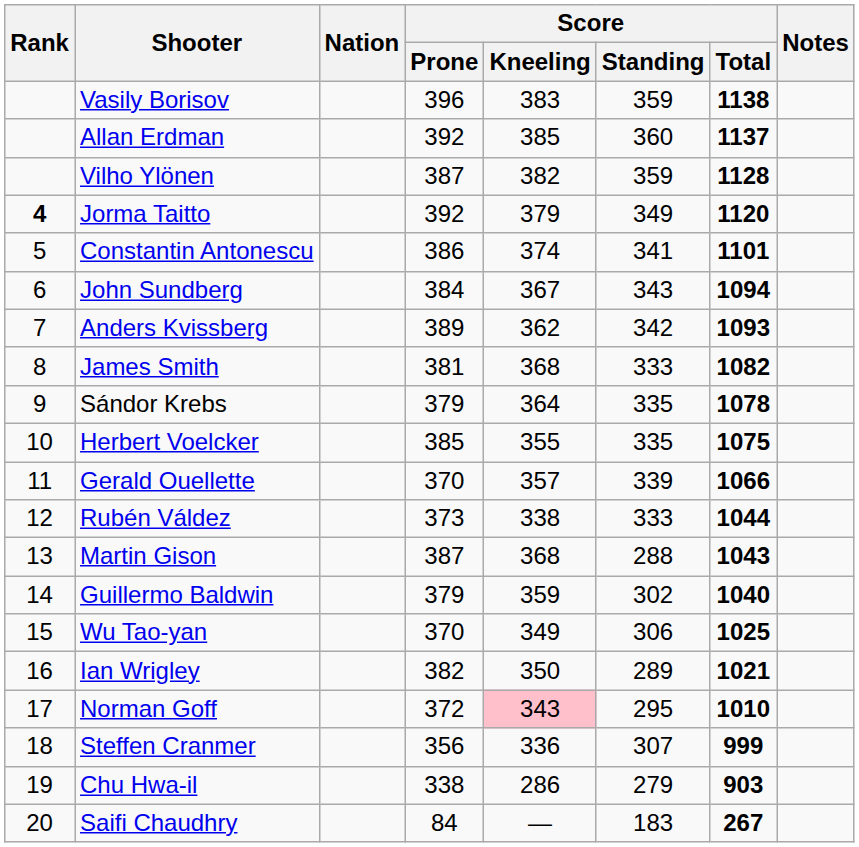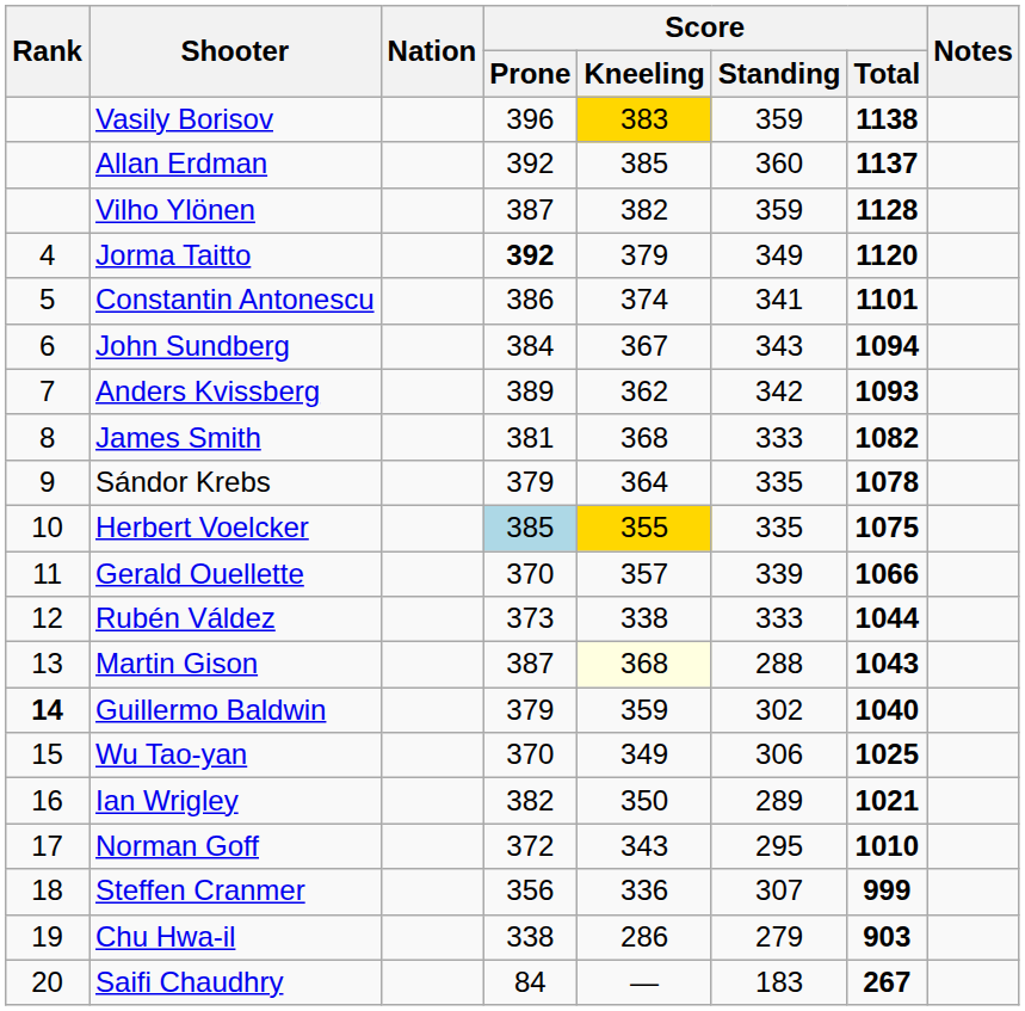 <table class="wikitable sortable" style="text-align:center">
 <tr>
 <th rowspan=2>Rank</th>
 <th rowspan=2>Shooter</th>
 <th rowspan=2>Nation</th>
 <th colspan=4>Score</th>
 <th rowspan=2>Notes</th>
 </tr>
 <tr>
 <th>Prone</th>
 <th>Kneeling</th>
 <th>Standing</th>
 <th>Total</th>
 </tr>
 <tr>
 <td></td>
 <td align=left><a href='#'>Vasily Borisov</a></td>
 <td align=left></td>
 <td>396 <strong></strong></td>
-<td>383</td>
+<td style="background: gold;">383</td>
 <td>359</td>
 <td><strong>1138</strong></td>
 <td></td>
 </tr>
 <tr>
 <td></td>
 <td align=left><a href='#'>Allan Erdman</a></td>
 <td align=left></td>
 <td>392</td>
 <td>385</td>
 <td>360</td>
 <td><strong>1137</strong></td>
 <td></td>
 </tr>
 <tr>
 <td></td>
 <td align=left><a href='#'>Vilho Ylönen</a></td>
 <td align=left></td>
 <td>387</td>
 <td>382</td>
 <td>359</td>
 <td><strong>1128</strong></td>
 <td></td>
 </tr>
 <tr>
-<td><strong>4</strong></td>
+<td>4</td>
 <td align=left><a href='#'>Jorma Taitto</a></td>
 <td align=left></td>
-<td>392</td>
+<td><strong>392</strong></td>
 <td>379</td>
 <td>349</td>
 <td><strong>1120</strong></td>
 <td></td>
 </tr>
 <tr>
 <td>5</td>
 <td align=left><a href='#'>Constantin Antonescu</a></td>
 <td align=left></td>
 <td>386</td>
 <td>374</td>
 <td>341</td>
 <td><strong>1101</strong></td>
 <td></td>
 </tr>
 <tr>
 <td>6</td>
 <td align=left><a href='#'>John Sundberg</a></td>
 <td align=left></td>
 <td>384</td>
 <td>367</td>
 <td>343</td>
 <td><strong>1094</strong></td>
 <td></td>
 </tr>
 <tr>
 <td>7</td>
 <td align=left><a href='#'>Anders Kvissberg</a></td>
 <td align=left></td>
 <td>389</td>
 <td>362</td>
 <td>342</td>
 <td><strong>1093</strong></td>
 <td></td>
 </tr>
 <tr>
 <td>8</td>
 <td align=left><a href='#'>James Smith</a></td>
 <td align=left></td>
 <td>381</td>
 <td>368</td>
 <td>333</td>
 <td><strong>1082</strong></td>
 <td></td>
 </tr>
 <tr>
 <td>9</td>
 <td align=left>Sándor Krebs</td>
 <td align=left></td>
 <td>379</td>
 <td>364</td>
 <td>335</td>
 <td><strong>1078</strong></td>
 <td></td>
 </tr>
 <tr>
 <td>10</td>
 <td align=left><a href='#'>Herbert Voelcker</a></td>
 <td align=left></td>
-<td>385</td>
-<td>355</td>
+<td style="background: lightblue;">385</td>
+<td style="background: gold;">355</td>
 <td>335</td>
 <td><strong>1075</strong></td>
 <td></td>
 </tr>
 <tr>
 <td>11</td>
 <td align=left><a href='#'>Gerald Ouellette</a></td>
 <td align=left></td>
 <td>370</td>
 <td>357</td>
 <td>339</td>
 <td><strong>1066</strong></td>
 <td></td>
 </tr>
 <tr>
 <td>12</td>
 <td align=left><a href='#'>Rubén Váldez</a></td>
 <td align=left></td>
 <td>373</td>
 <td>338</td>
 <td>333</td>
 <td><strong>1044</strong></td>
 <td></td>
 </tr>
 <tr>
 <td>13</td>
 <td align=left><a href='#'>Martin Gison</a></td>
 <td align=left></td>
 <td>387</td>
-<td>368</td>
+<td style="background: lightyellow;">368</td>
 <td>288</td>
 <td><strong>1043</strong></td>
 <td></td>
 </tr>
 <tr>
-<td>14</td>
+<td><strong>14</strong></td>
 <td align=left><a href='#'>Guillermo Baldwin</a></td>
 <td align=left></td>
 <td>379</td>
 <td>359</td>
 <td>302</td>
 <td><strong>1040</strong></td>
 <td></td>
 </tr>
 <tr>
 <td>15</td>
 <td align=left><a href='#'>Wu Tao-yan</a></td>
 <td align=left></td>
 <td>370</td>
 <td>349</td>
 <td>306</td>
 <td><strong>1025</strong></td>
 <td></td>
 </tr>
 <tr>
 <td>16</td>
 <td align=left><a href='#'>Ian Wrigley</a></td>
 <td align=left></td>
 <td>382</td>
 <td>350</td>
 <td>289</td>
 <td><strong>1021</strong></td>
 <td></td>
 </tr>
 <tr>
 <td>17</td>
 <td align=left><a href='#'>Norman Goff</a></td>
 <td align=left></td>
 <td>372</td>
-<td style="background: pink;">343</td>
+<td>343</td>
 <td>295</td>
 <td><strong>1010</strong></td>
 <td></td>
 </tr>
 <tr>
 <td>18</td>
 <td align=left><a href='#'>Steffen Cranmer</a></td>
 <td align=left></td>
 <td>356</td>
 <td>336</td>
 <td>307</td>
 <td><strong>999</strong></td>
 <td></td>
 </tr>
 <tr>
 <td>19</td>
 <td align=left><a href='#'>Chu Hwa-il</a></td>
 <td align=left></td>
 <td>338</td>
 <td>286</td>
 <td>279</td>
 <td><strong>903</strong></td>
 <td></td>
 </tr>
 <tr>
 <td>20</td>
 <td align=left><a href='#'>Saifi Chaudhry</a></td>
 <td align=left></td>
 <td>84</td>
 <td data-sort-value=0>—</td>
 <td>183</td>
 <td><strong>267</strong></td>
 <td></td>
 </tr>
 </table>
